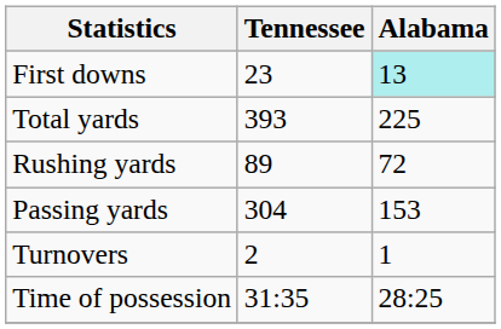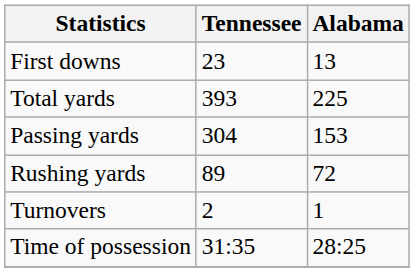 <table class="wikitable" style="float: left;">
 <tr>
 <th>Statistics</th>
 <th style=>Tennessee</th>
 <th>Alabama</th>
 </tr>
 <tr>
 <td>First downs</td>
 <td>23</td>
-<td style="background: paleturquoise;">13</td>
+<td>13</td>
 </tr>
 <tr>
 <td>Total yards</td>
 <td>393</td>
 <td>225</td>
 </tr>
 <tr>
+<td>Passing yards</td>
+<td>304</td>
+<td>153</td>
+</tr>
+<tr>
 <td>Rushing yards</td>
 <td>89</td>
 <td>72</td>
-</tr>
-<tr>
-<td>Passing yards</td>
-<td>304</td>
-<td>153</td>
 </tr>
 <tr>
 <td>Turnovers</td>
 <td>2</td>
 <td>1</td>
 </tr>
 <tr>
 <td>Time of possession</td>
 <td>31:35</td>
 <td>28:25</td>
 </tr>
 <tr>
 </tr>
 </table>
